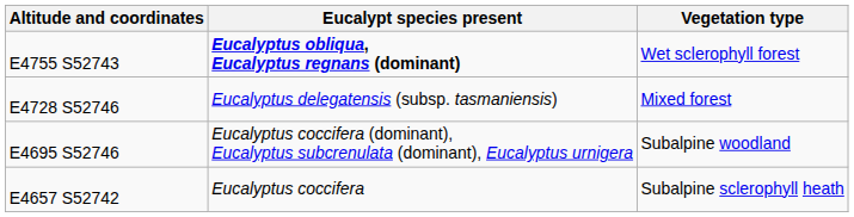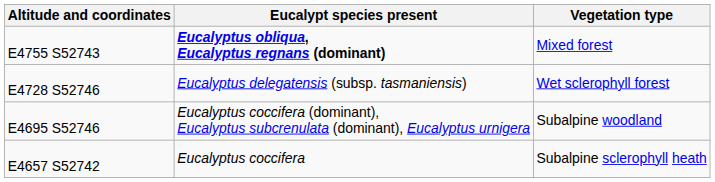 <table class="wikitable">
 <tr>
 <th>Altitude and coordinates</th>
 <th>Eucalypt species present</th>
 <th>Vegetation type</th>
 </tr>
 <tr>
 <td><br>E4755 S52743</td>
 <td><strong><em><a href='#'>Eucalyptus obliqua</a></em>,<br><em><a href='#'>Eucalyptus regnans</a></em> (dominant)</strong></td>
-<td><a href='#'>Wet sclerophyll forest</a></td>
+<td><a href='#'>Mixed forest</a></td>
 </tr>
 <tr>
 <td><br>E4728 S52746</td>
 <td><em><a href='#'>Eucalyptus delegatensis</a></em> (subsp. <em>tasmaniensis</em>)</td>
-<td><a href='#'>Mixed forest</a></td>
+<td><a href='#'>Wet sclerophyll forest</a></td>
 </tr>
 <tr>
 <td><br>E4695 S52746</td>
 <td><em>Eucalyptus coccifera</em> (dominant),<br><em><a href='#'>Eucalyptus subcrenulata</a></em> (dominant), <em><a href='#'>Eucalyptus urnigera</a></em></td>
 <td>Subalpine <a href='#'>woodland</a></td>
 </tr>
 <tr>
 <td><br>E4657 S52742</td>
 <td><em>Eucalyptus coccifera</em></td>
 <td>Subalpine <a href='#'>sclerophyll</a> <a href='#'>heath</a></td>
 </tr>
 </table>
